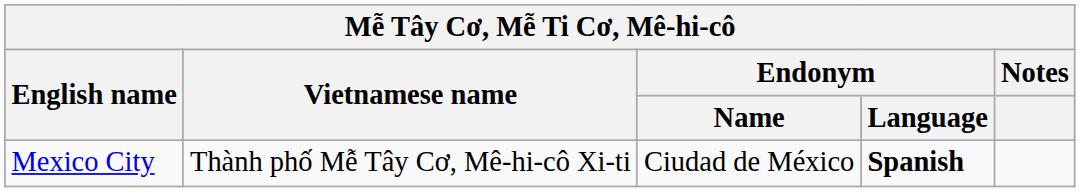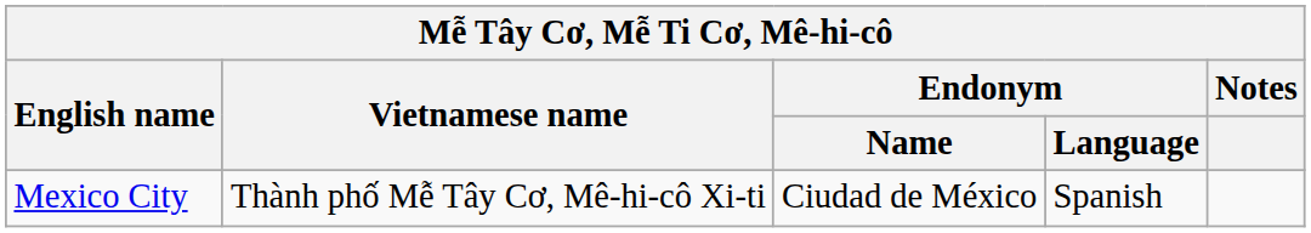 <table class="wikitable sortable">
 <tr>
 <th colspan="5"> Mễ Tây Cơ, Mễ Ti Cơ, Mê-hi-cô</th>
 </tr>
 <tr>
 <th rowspan="2">English name</th>
 <th rowspan="2">Vietnamese name</th>
 <th colspan="2">Endonym</th>
 <th>Notes</th>
 </tr>
 <tr>
 <th>Name</th>
 <th>Language</th>
 <th></th>
 </tr>
 <tr>
 <td><a href='#'>Mexico City</a></td>
 <td>Thành phố Mễ Tây Cơ, Mê-hi-cô Xi-ti</td>
 <td>Ciudad de México</td>
-<td><strong>Spanish</strong></td>
+<td>Spanish</td>
 <td></td>
 </tr>
 </table>
